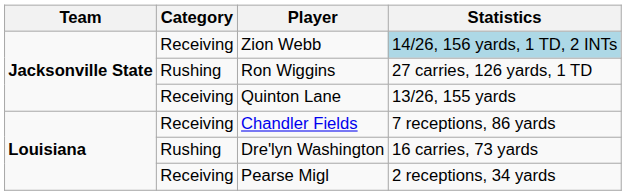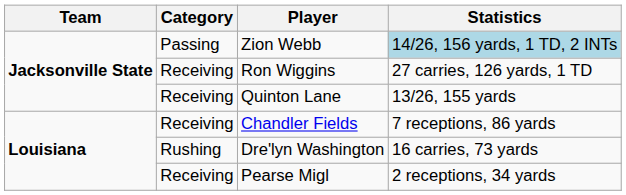 <table class="wikitable" style="float: left;">
 <tr>
 <th>Team</th>
 <th>Category</th>
 <th>Player</th>
 <th>Statistics</th>
 </tr>
 <tr>
 <td rowspan=3><strong>Jacksonville State</strong></td>
-<td>Receiving</td>
+<td>Passing</td>
 <td>Zion Webb</td>
 <td style="background: lightblue;">14/26, 156 yards, 1 TD, 2 INTs</td>
 </tr>
 <tr>
-<td>Rushing</td>
+<td>Receiving</td>
 <td>Ron Wiggins</td>
 <td>27 carries, 126 yards, 1 TD</td>
 </tr>
 <tr>
 <td>Receiving</td>
 <td>Quinton Lane</td>
 <td>13/26, 155 yards</td>
 </tr>
 <tr>
 <td rowspan=3><strong>Louisiana</strong></td>
 <td>Receiving</td>
 <td><a href='#'>Chandler Fields</a></td>
 <td>7 receptions, 86 yards</td>
 </tr>
 <tr>
 <td>Rushing</td>
 <td>Dre'lyn Washington</td>
 <td>16 carries, 73 yards</td>
 </tr>
 <tr>
 <td>Receiving</td>
 <td>Pearse Migl</td>
 <td>2 receptions, 34 yards</td>
 </tr>
 </table>
